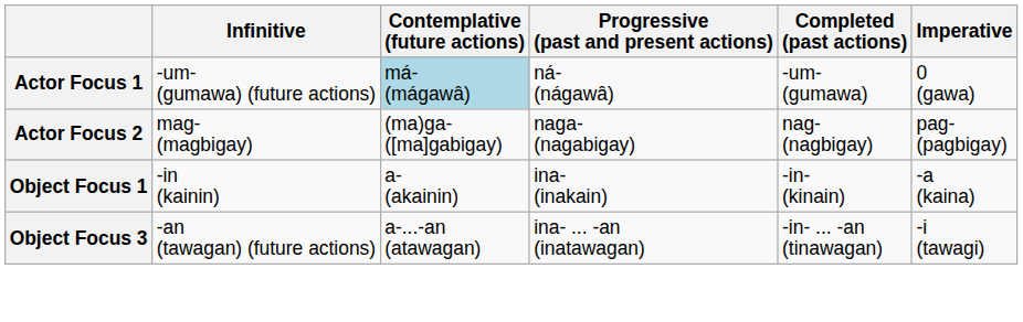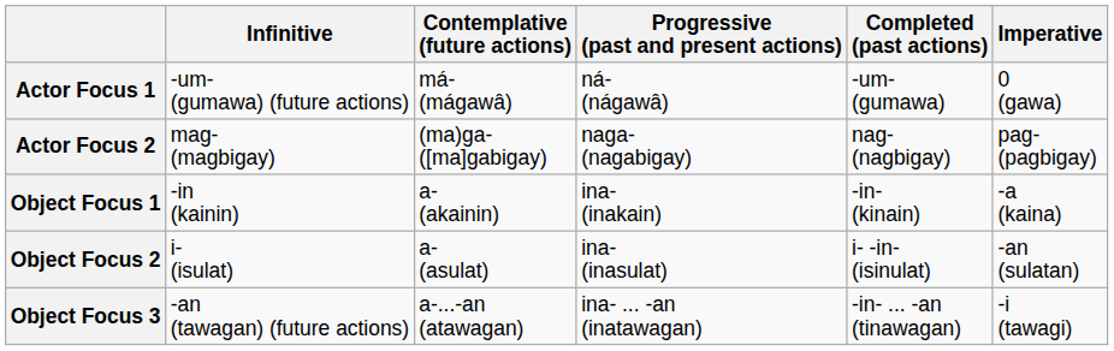 <table class="wikitable collapsible" style="font-size:90%;">
 <tr>
 <th scope="col"></th>
 <th scope="col">Infinitive</th>
 <th scope="col">Contemplative<br>(future actions)</th>
 <th scope="col">Progressive<br>(past and present actions)</th>
 <th scope="col">Completed<br>(past actions)</th>
 <th scope="col">Imperative</th>
 </tr>
 <tr>
 <th scope="row">Actor Focus 1</th>
 <td>-um-<br>(gumawa) (future actions)</td>
-<td style="background: lightblue;">má-<br>(mágawâ)</td>
+<td>má-<br>(mágawâ)</td>
 <td>ná-<br>(nágawâ)</td>
 <td>-um-<br>(gumawa)</td>
 <td>0<br>(gawa)</td>
 </tr>
 <tr !>
 <th scope="row">Actor Focus 2</th>
 <td>mag-<br>(magbigay)</td>
 <td>(ma)ga-<br>([ma]gabigay)</td>
 <td>naga-<br>(nagabigay)</td>
 <td>nag-<br>(nagbigay)</td>
 <td>pag-<br>(pagbigay)</td>
 </tr>
 <tr !>
 <th scope="row">Object Focus 1</th>
 <td>-in<br>(kainin)</td>
 <td>a-<br>(akainin)</td>
 <td>ina-<br>(inakain)</td>
 <td>-in-<br>(kinain)</td>
 <td>-a<br>(kaina)</td>
 </tr>
 <tr !>
+<th scope="row">Object Focus 2</th>
+<td>i-<br>(isulat)</td>
+<td>a-<br>(asulat)</td>
+<td>ina-<br>(inasulat)</td>
+<td>i- -in-<br>(isinulat)</td>
+<td>-an<br>(sulatan)</td>
+</tr>
+<tr !>
 <th scope="row">Object Focus 3</th>
 <td>-an<br>(tawagan) (future actions)</td>
 <td>a-...-an<br>(atawagan)</td>
 <td>ina- ... -an<br>(inatawagan)</td>
 <td>-in- ... -an<br>(tinawagan)</td>
 <td>-i<br>(tawagi)</td>
 </tr>
 </table>
